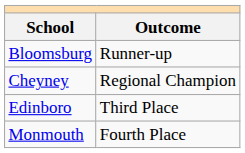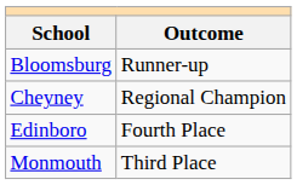 <table class="wikitable" style="float:left; margin-right:1em;">
 <tr>
 <th colspan="3" style="background:#ffdead;"></th>
 </tr>
 <tr>
 <th>School</th>
 <th>Outcome</th>
 </tr>
 <tr>
 <td><a href='#'>Bloomsburg</a></td>
 <td>Runner-up</td>
 </tr>
 <tr>
 <td><a href='#'>Cheyney</a></td>
 <td>Regional Champion</td>
 </tr>
 <tr>
 <td><a href='#'>Edinboro</a></td>
-<td>Third Place</td>
+<td>Fourth Place</td>
 </tr>
 <tr>
 <td><a href='#'>Monmouth</a></td>
-<td>Fourth Place</td>
+<td>Third Place</td>
 </tr>
 </table>
